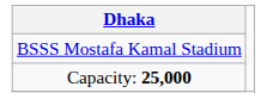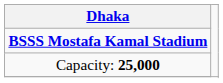 <table class="wikitable" style="text-align:center;margin:1em auto;">
 <tr>
 <th><a href='#'>Dhaka</a></th>
 <td rowspan="4"></td>
 </tr>
 <tr>
-<td><a href='#'>BSSS Mostafa Kamal Stadium</a></td>
+<td><strong><a href='#'>BSSS Mostafa Kamal Stadium</a></strong></td>
 </tr>
 <tr>
 <td>Capacity: <strong>25,000</strong></td>
 </tr>
 <tr>
 </tr>
 </table>
